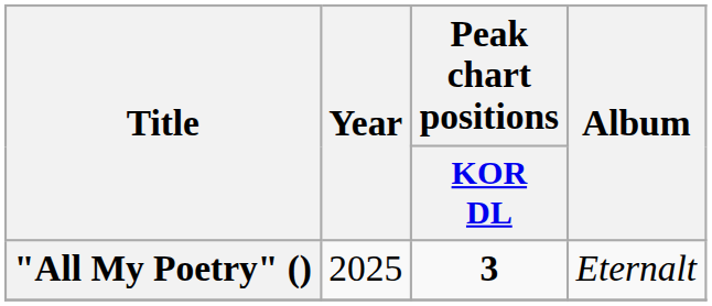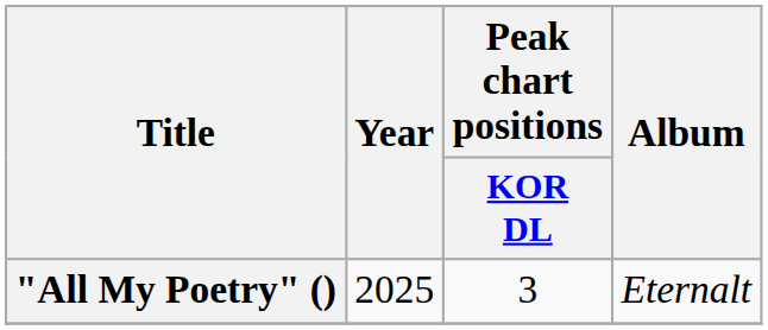 <table class="wikitable plainrowheaders" style="text-align:center">
 <tr>
 <th scope="col" rowspan="2">Title</th>
 <th scope="col" rowspan="2">Year</th>
 <th scope="col">Peak chart positions</th>
 <th scope="col" rowspan="2">Album</th>
 </tr>
 <tr>
 <th scope="col" style="font-size:90%; width:3em"><a href='#'>KOR<br>DL</a><br></th>
 </tr>
 <tr>
 <th scope="row">"All My Poetry" ()</th>
 <td>2025</td>
-<td><strong>3</strong></td>
+<td>3</td>
 <td><em>Eternalt</em></td>
 </tr>
 <tr>
 </tr>
 </table>
